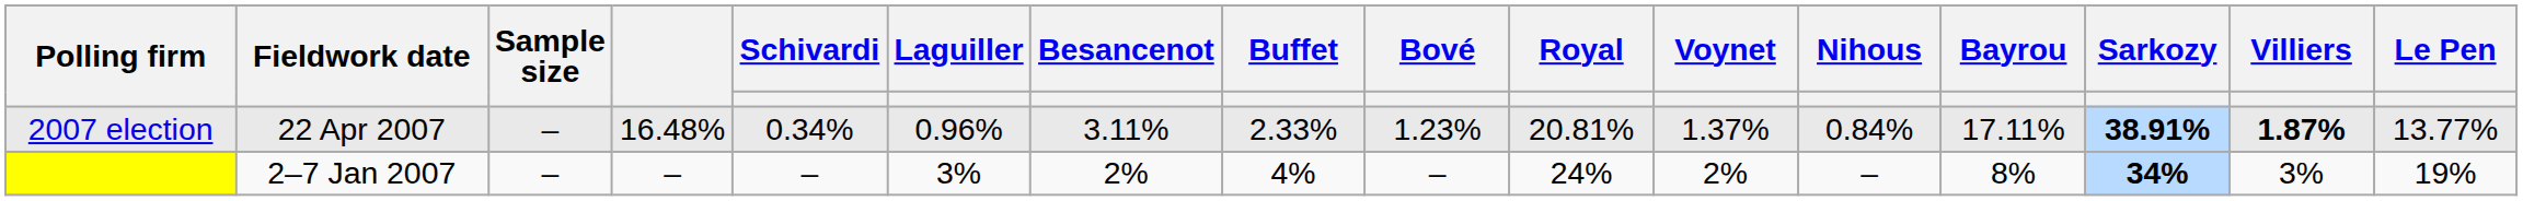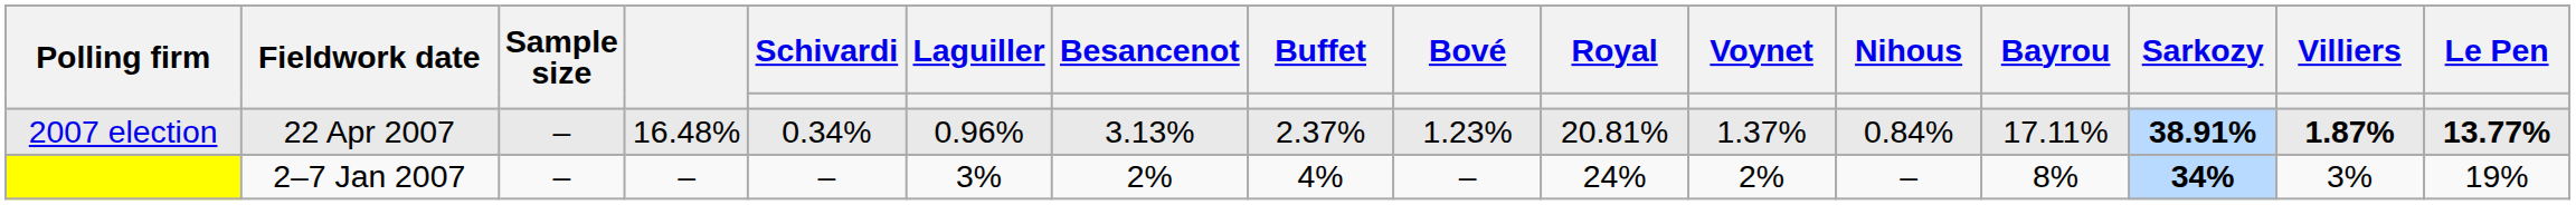 <table class="wikitable sortable" style="text-align:center;font-size:90%;line-height:14px;">
 <tr style="height:40px;">
 <th style="width:100px;" rowspan="2">Polling firm</th>
 <th style="width:110px;" rowspan="2">Fieldwork date</th>
 <th style="width:35px;" rowspan="2">Sample<br>size</th>
 <th style="width:30px;" rowspan="2"></th>
 <th class="unsortable" style="width:60px;"><a href='#'>Schivardi</a><br></th>
 <th class="unsortable" style="width:60px;"><a href='#'>Laguiller</a><br></th>
 <th class="unsortable" style="width:60px;"><a href='#'>Besancenot</a><br></th>
 <th class="unsortable" style="width:60px;"><a href='#'>Buffet</a><br></th>
 <th class="unsortable" style="width:60px;"><a href='#'>Bové</a><br></th>
 <th class="unsortable" style="width:60px;"><a href='#'>Royal</a><br></th>
 <th class="unsortable" style="width:60px;"><a href='#'>Voynet</a><br></th>
 <th class="unsortable" style="width:60px;"><a href='#'>Nihous</a><br></th>
 <th class="unsortable" style="width:60px;"><a href='#'>Bayrou</a><br></th>
 <th class="unsortable" style="width:60px;"><a href='#'>Sarkozy</a><br></th>
 <th class="unsortable" style="width:60px;"><a href='#'>Villiers</a><br></th>
 <th class="unsortable" style="width:60px;"><a href='#'>Le Pen</a><br></th>
 </tr>
 <tr>
 <th style="background:"></th>
 <th style="background:"></th>
 <th style="background:"></th>
 <th style="background:"></th>
 <th style="background:"></th>
 <th style="background:"></th>
 <th style="background:"></th>
 <th style="background:"></th>
 <th style="background:"></th>
 <th style="background:"></th>
 <th style="background:"></th>
 <th style="background:"></th>
 </tr>
 <tr style="background:#E9E9E9;">
 <td><a href='#'>2007 election</a></td>
 <td data-sort-value="2007-04-22">22 Apr 2007</td>
 <td>–</td>
 <td>16.48%</td>
 <td>0.34%</td>
 <td>0.96%</td>
-<td>3.11%</td>
-<td>2.33%</td>
+<td>3.13%</td>
+<td>2.37%</td>
 <td>1.23%</td>
 <td>20.81%</td>
 <td>1.37%</td>
 <td>0.84%</td>
 <td>17.11%</td>
 <td style="background:#B9DAFF;"><strong>38.91%</strong></td>
 <td><strong>1.87%</strong></td>
-<td>13.77%</td>
+<td><strong>13.77%</strong></td>
 </tr>
 <tr>
 <td style="background:yellow;"></td>
 <td data-sort-value="2007-01-07">2–7 Jan 2007</td>
 <td>–</td>
 <td>–</td>
 <td>–</td>
 <td>3%</td>
 <td>2%</td>
 <td>4%</td>
 <td>–</td>
 <td>24%</td>
 <td>2%</td>
 <td>–</td>
 <td>8%</td>
 <td style="background:#B9DAFF;"><strong>34%</strong></td>
 <td>3%</td>
 <td>19%</td>
 </tr>
 </table>
